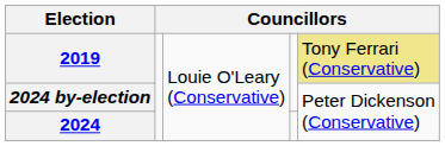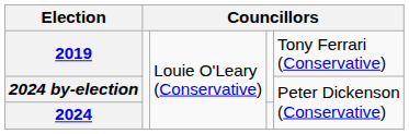 <table class="wikitable">
 <tr>
 <th>Election</th>
 <th colspan="4">Councillors</th>
 </tr>
 <tr>
 <th><a href='#'>2019</a></th>
 <td rowspan="4" style="background-color: "></td>
 <td rowspan="3">Louie O'Leary<br>(<a href='#'>Conservative</a>)</td>
 <td rowspan="2" style="background-color: "></td>
-<td style="background: khaki;">Tony Ferrari<br>(<a href='#'>Conservative</a>)</td>
+<td>Tony Ferrari<br>(<a href='#'>Conservative</a>)</td>
 </tr>
 <tr>
 <th><em>2024 by-election</em></th>
 <td rowspan="2">Peter Dickenson<br>(<a href='#'>Conservative</a>)</td>
 </tr>
 <tr>
 <th><a href='#'>2024</a></th>
 <td style="background-color: "></td>
 </tr>
 </table>
